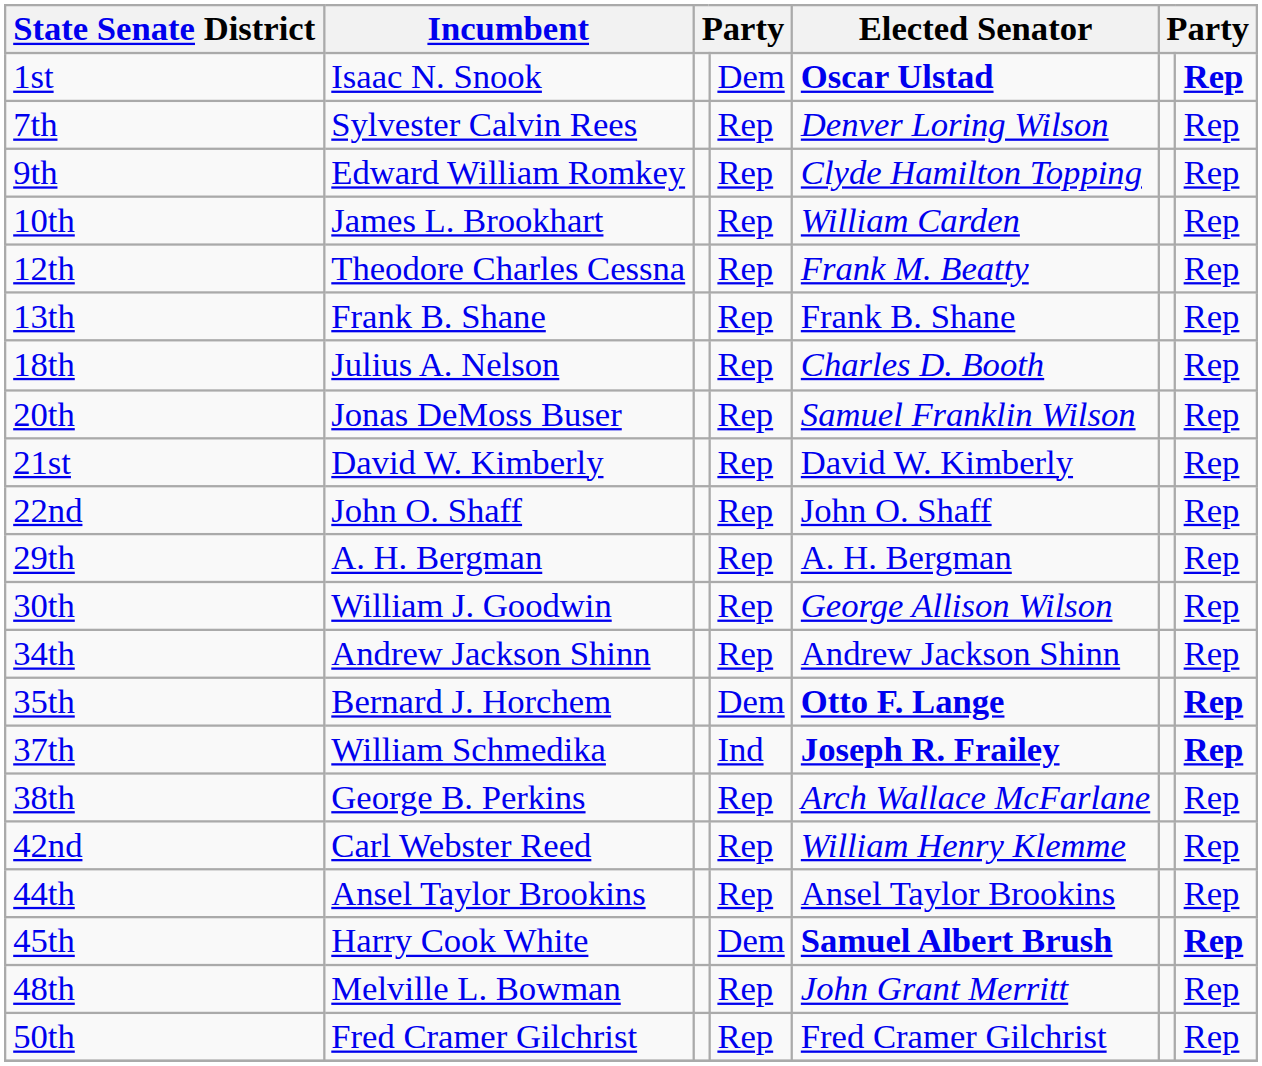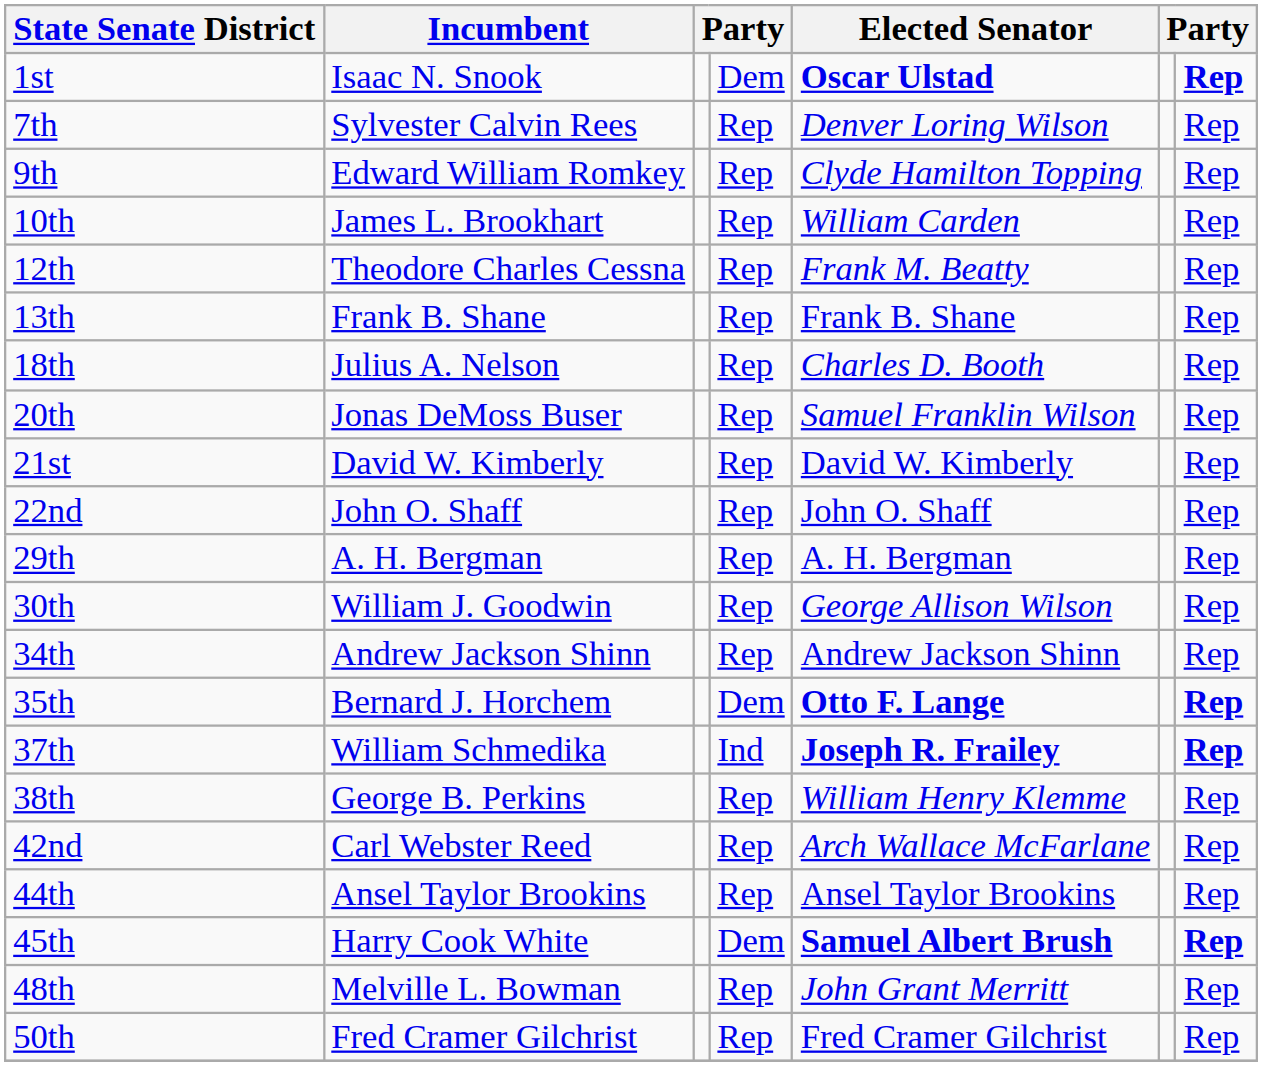 <table class="sortable wikitable" style="font-size:95%;line-height:14px;">
 <tr>
 <th class="unsortable"><a href='#'>State Senate</a> District</th>
 <th class="unsortable"><a href='#'>Incumbent</a></th>
 <th colspan="2">Party</th>
 <th class="unsortable">Elected Senator</th>
 <th colspan="2">Party</th>
 </tr>
 <tr>
 <td><a href='#'>1st</a></td>
 <td><a href='#'>Isaac N. Snook</a></td>
 <td style="background:"></td>
 <td><a href='#'>Dem</a></td>
 <td><strong><a href='#'>Oscar Ulstad</a></strong></td>
 <td style="background:"></td>
 <td><strong><a href='#'>Rep</a></strong></td>
 </tr>
 <tr>
 <td><a href='#'>7th</a></td>
 <td><a href='#'>Sylvester Calvin Rees</a></td>
 <td style="background:"></td>
 <td><a href='#'>Rep</a></td>
 <td><em><a href='#'>Denver Loring Wilson</a></em></td>
 <td style="background:"></td>
 <td><a href='#'>Rep</a></td>
 </tr>
 <tr>
 <td><a href='#'>9th</a></td>
 <td><a href='#'>Edward William Romkey</a></td>
 <td style="background:"></td>
 <td><a href='#'>Rep</a></td>
 <td><em><a href='#'>Clyde Hamilton Topping</a></em></td>
 <td style="background:"></td>
 <td><a href='#'>Rep</a></td>
 </tr>
 <tr>
 <td><a href='#'>10th</a></td>
 <td><a href='#'>James L. Brookhart</a></td>
 <td style="background:"></td>
 <td><a href='#'>Rep</a></td>
 <td><em><a href='#'>William Carden</a></em></td>
 <td style="background:"></td>
 <td><a href='#'>Rep</a></td>
 </tr>
 <tr>
 <td><a href='#'>12th</a></td>
 <td><a href='#'>Theodore Charles Cessna</a></td>
 <td style="background:"></td>
 <td><a href='#'>Rep</a></td>
 <td><em><a href='#'>Frank M. Beatty</a></em></td>
 <td style="background:"></td>
 <td><a href='#'>Rep</a></td>
 </tr>
 <tr>
 <td><a href='#'>13th</a></td>
 <td><a href='#'>Frank B. Shane</a></td>
 <td style="background:"></td>
 <td><a href='#'>Rep</a></td>
 <td><a href='#'>Frank B. Shane</a></td>
 <td style="background:"></td>
 <td><a href='#'>Rep</a></td>
 </tr>
 <tr>
 <td><a href='#'>18th</a></td>
 <td><a href='#'>Julius A. Nelson</a></td>
 <td style="background:"></td>
 <td><a href='#'>Rep</a></td>
 <td><em><a href='#'>Charles D. Booth</a></em></td>
 <td style="background:"></td>
 <td><a href='#'>Rep</a></td>
 </tr>
 <tr>
 <td><a href='#'>20th</a></td>
 <td><a href='#'>Jonas DeMoss Buser</a></td>
 <td style="background:"></td>
 <td><a href='#'>Rep</a></td>
 <td><em><a href='#'>Samuel Franklin Wilson</a></em></td>
 <td style="background:"></td>
 <td><a href='#'>Rep</a></td>
 </tr>
 <tr>
 <td><a href='#'>21st</a></td>
 <td><a href='#'>David W. Kimberly</a></td>
 <td style="background:"></td>
 <td><a href='#'>Rep</a></td>
 <td><a href='#'>David W. Kimberly</a></td>
 <td style="background:"></td>
 <td><a href='#'>Rep</a></td>
 </tr>
 <tr>
 <td><a href='#'>22nd</a></td>
 <td><a href='#'>John O. Shaff</a></td>
 <td style="background:"></td>
 <td><a href='#'>Rep</a></td>
 <td><a href='#'>John O. Shaff</a></td>
 <td style="background:"></td>
 <td><a href='#'>Rep</a></td>
 </tr>
 <tr>
 <td><a href='#'>29th</a></td>
 <td><a href='#'>A. H. Bergman</a></td>
 <td style="background:"></td>
 <td><a href='#'>Rep</a></td>
 <td><a href='#'>A. H. Bergman</a></td>
 <td style="background:"></td>
 <td><a href='#'>Rep</a></td>
 </tr>
 <tr>
 <td><a href='#'>30th</a></td>
 <td><a href='#'>William J. Goodwin</a></td>
 <td style="background:"></td>
 <td><a href='#'>Rep</a></td>
 <td><em><a href='#'>George Allison Wilson</a></em></td>
 <td style="background:"></td>
 <td><a href='#'>Rep</a></td>
 </tr>
 <tr>
 <td><a href='#'>34th</a></td>
 <td><a href='#'>Andrew Jackson Shinn</a></td>
 <td style="background:"></td>
 <td><a href='#'>Rep</a></td>
 <td><a href='#'>Andrew Jackson Shinn</a></td>
 <td style="background:"></td>
 <td><a href='#'>Rep</a></td>
 </tr>
 <tr>
 <td><a href='#'>35th</a></td>
 <td><a href='#'>Bernard J. Horchem</a></td>
 <td style="background:"></td>
 <td><a href='#'>Dem</a></td>
 <td><strong><a href='#'>Otto F. Lange</a></strong></td>
 <td style="background:"></td>
 <td><strong><a href='#'>Rep</a></strong></td>
 </tr>
 <tr>
 <td><a href='#'>37th</a></td>
 <td><a href='#'>William Schmedika</a></td>
 <td style="background:"></td>
 <td><a href='#'>Ind</a></td>
 <td><strong><a href='#'>Joseph R. Frailey</a></strong></td>
 <td style="background:"></td>
 <td><strong><a href='#'>Rep</a></strong></td>
 </tr>
 <tr>
 <td><a href='#'>38th</a></td>
 <td><a href='#'>George B. Perkins</a></td>
 <td style="background:"></td>
 <td><a href='#'>Rep</a></td>
-<td><em><a href='#'>Arch Wallace McFarlane</a></em></td>
+<td><em><a href='#'>William Henry Klemme</a></em></td>
 <td style="background:"></td>
 <td><a href='#'>Rep</a></td>
 </tr>
 <tr>
 <td><a href='#'>42nd</a></td>
 <td><a href='#'>Carl Webster Reed</a></td>
 <td style="background:"></td>
 <td><a href='#'>Rep</a></td>
-<td><em><a href='#'>William Henry Klemme</a></em></td>
+<td><em><a href='#'>Arch Wallace McFarlane</a></em></td>
 <td style="background:"></td>
 <td><a href='#'>Rep</a></td>
 </tr>
 <tr>
 <td><a href='#'>44th</a></td>
 <td><a href='#'>Ansel Taylor Brookins</a></td>
 <td style="background:"></td>
 <td><a href='#'>Rep</a></td>
 <td><a href='#'>Ansel Taylor Brookins</a></td>
 <td style="background:"></td>
 <td><a href='#'>Rep</a></td>
 </tr>
 <tr>
 <td><a href='#'>45th</a></td>
 <td><a href='#'>Harry Cook White</a></td>
 <td style="background:"></td>
 <td><a href='#'>Dem</a></td>
 <td><strong><a href='#'>Samuel Albert Brush</a></strong></td>
 <td style="background:"></td>
 <td><strong><a href='#'>Rep</a></strong></td>
 </tr>
 <tr>
 <td><a href='#'>48th</a></td>
 <td><a href='#'>Melville L. Bowman</a></td>
 <td style="background:"></td>
 <td><a href='#'>Rep</a></td>
 <td><em><a href='#'>John Grant Merritt</a></em></td>
 <td style="background:"></td>
 <td><a href='#'>Rep</a></td>
 </tr>
 <tr>
 <td><a href='#'>50th</a></td>
 <td><a href='#'>Fred Cramer Gilchrist</a></td>
 <td style="background:"></td>
 <td><a href='#'>Rep</a></td>
 <td><a href='#'>Fred Cramer Gilchrist</a></td>
 <td style="background:"></td>
 <td><a href='#'>Rep</a></td>
 </tr>
 <tr>
 </tr>
 </table>
